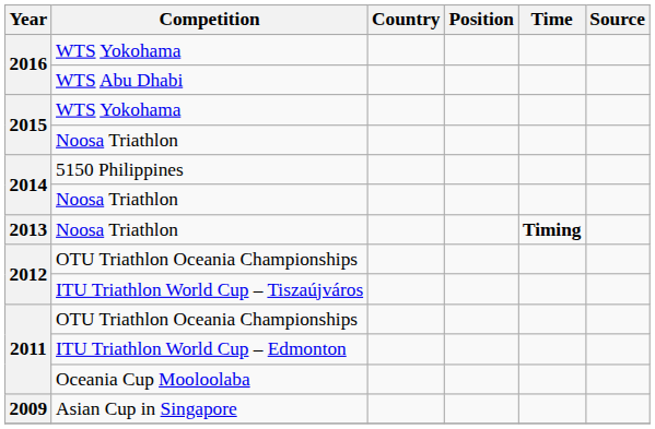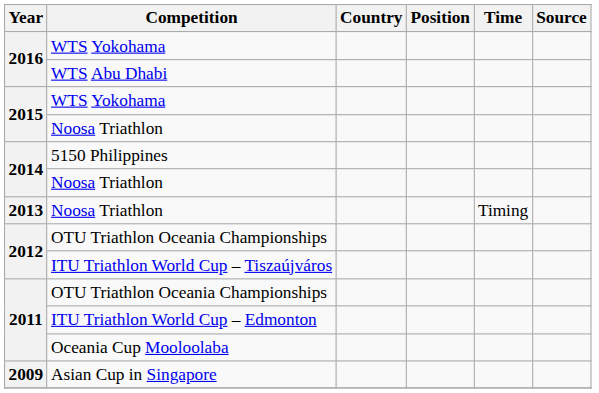 <table class="wikitable ">
 <tr>
 <th scope=col>Year</th>
 <th scope=col>Competition</th>
 <th scope=col>Country</th>
 <th Scope=col>Position</th>
 <th Scope=col>Time</th>
 <th Scope=col>Source</th>
 </tr>
 <tr>
 <th scope=row; align=center rowspan="2">2016</th>
 <td><a href='#'>WTS</a> <a href='#'>Yokohama</a></td>
 <td></td>
 <td align=center></td>
 <td></td>
 <td></td>
 </tr>
 <tr>
 <td><a href='#'>WTS</a> <a href='#'>Abu Dhabi</a></td>
 <td></td>
 <td align=center></td>
 <td></td>
 <td></td>
 </tr>
 <tr>
 <th scope=row; align=center rowspan="2">2015</th>
 <td><a href='#'>WTS</a> <a href='#'>Yokohama</a></td>
 <td></td>
 <td align=center></td>
 <td></td>
 <td></td>
 </tr>
 <tr>
 <td><a href='#'>Noosa</a> Triathlon</td>
 <td></td>
 <td align=center></td>
 <td></td>
 <td></td>
 </tr>
 <tr>
 <th scope=row; align=center rowspan="2">2014</th>
 <td>5150 Philippines</td>
 <td></td>
 <td align=center></td>
 <td></td>
 <td></td>
 </tr>
 <tr>
 <td><a href='#'>Noosa</a> Triathlon</td>
 <td></td>
 <td align=center></td>
 <td></td>
 <td></td>
 </tr>
 <tr>
 <th scope=row; align=center>2013</th>
 <td><a href='#'>Noosa</a> Triathlon</td>
 <td></td>
 <td align=center></td>
-<td><strong>Timing</strong></td>
+<td>Timing</td>
 <td></td>
 </tr>
 <tr>
 <th scope=row; align=center rowspan="2">2012</th>
 <td>OTU Triathlon Oceania Championships</td>
 <td></td>
 <td align=center></td>
 <td></td>
 <td></td>
 </tr>
 <tr>
 <td><a href='#'>ITU Triathlon World Cup</a> – <a href='#'>Tiszaújváros</a></td>
 <td></td>
 <td align=center></td>
 <td></td>
 <td></td>
 </tr>
 <tr>
 <th scope=row; align=center rowspan="3">2011</th>
 <td>OTU Triathlon Oceania Championships</td>
 <td></td>
 <td align=center></td>
 <td></td>
 <td></td>
 </tr>
 <tr>
 <td><a href='#'>ITU Triathlon World Cup</a> – <a href='#'>Edmonton</a></td>
 <td></td>
 <td align=center></td>
 <td></td>
 <td></td>
 </tr>
 <tr>
 <td>Oceania Cup <a href='#'>Mooloolaba</a></td>
 <td></td>
 <td align=center></td>
 <td></td>
 <td></td>
 </tr>
 <tr>
 <th scope=row; align=center>2009</th>
 <td>Asian Cup in <a href='#'>Singapore</a></td>
 <td></td>
 <td align=center></td>
 <td></td>
 <td></td>
 </tr>
 <tr>
 </tr>
 </table>
